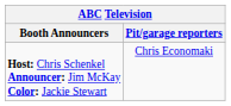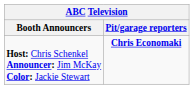 <table class="wikitable" style="font-size: 95%;">
 <tr>
 <th colspan=2><a href='#'>ABC</a> <a href='#'>Television</a></th>
 </tr>
 <tr>
 <th>Booth Announcers</th>
 <th><a href='#'>Pit/garage reporters</a></th>
 </tr>
 <tr>
 <td valign="top"><br><strong>Host:</strong> <a href='#'>Chris Schenkel</a><br> <strong><a href='#'>Announcer</a>:</strong> <a href='#'>Jim McKay</a><br> <strong><a href='#'>Color</a>:</strong> <a href='#'>Jackie Stewart</a><br></td>
-<td align="center" valign="top"><a href='#'>Chris Economaki</a><br></td>
+<td align="center" valign="top"><strong><a href='#'>Chris Economaki</a><br></strong></td>
 </tr>
 </table>
